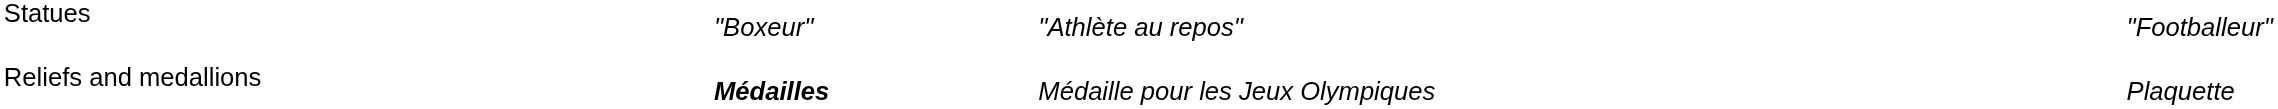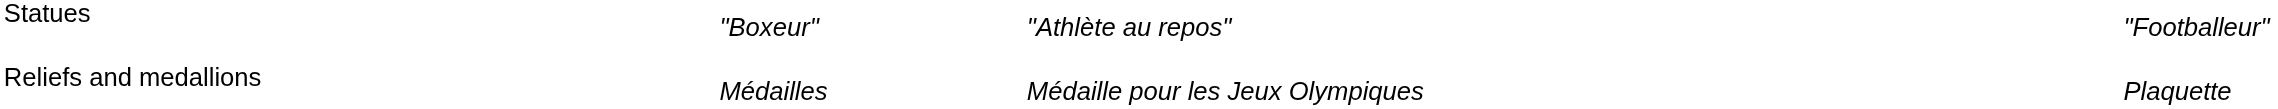 <table style="width:100%" >
 <tr>
 <td>Statues</td>
 <td><br><em>"Boxeur"</em></td>
 <td><br><em>"Athlète au repos"</em></td>
 <td><br><em>"Footballeur"</em></td>
 </tr>
 <tr>
 <td>Reliefs and medallions</td>
-<td><strong><br><em>Médailles</em></strong></td>
+<td><br><em>Médailles</em></td>
 <td><br><em>Médaille pour les Jeux Olympiques</em></td>
 <td><br><em>Plaquette</em></td>
 </tr>
 </table>
